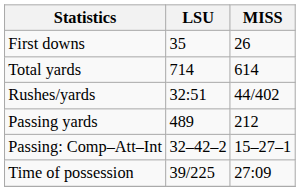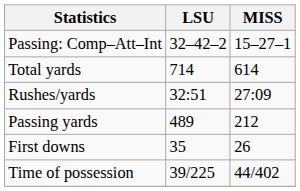 <table class="wikitable" style="float: left;">
 <tr>
 <th>Statistics</th>
 <th>LSU</th>
 <th>MISS</th>
 </tr>
 <tr>
-<td>First downs</td>
-<td>35</td>
-<td>26</td>
+<td>Passing: Comp–Att–Int</td>
+<td>32–42–2</td>
+<td>15–27–1</td>
 </tr>
 <tr>
 <td>Total yards</td>
 <td>714</td>
 <td>614</td>
 </tr>
 <tr>
 <td>Rushes/yards</td>
 <td>32:51</td>
-<td>44/402</td>
+<td>27:09</td>
 </tr>
 <tr>
 <td>Passing yards</td>
 <td>489</td>
 <td>212</td>
 </tr>
 <tr>
-<td>Passing: Comp–Att–Int</td>
-<td>32–42–2</td>
-<td>15–27–1</td>
+<td>First downs</td>
+<td>35</td>
+<td>26</td>
 </tr>
 <tr>
 <td>Time of possession</td>
 <td>39/225</td>
-<td>27:09</td>
+<td>44/402</td>
 </tr>
 <tr>
 </tr>
 </table>
